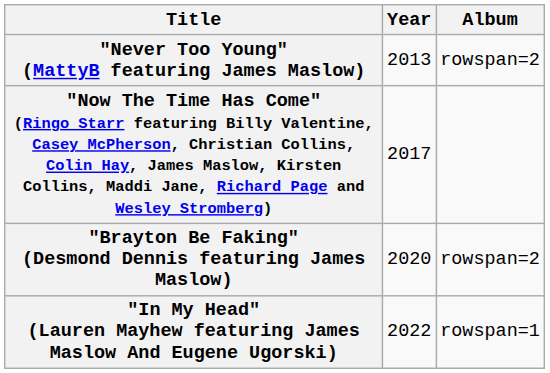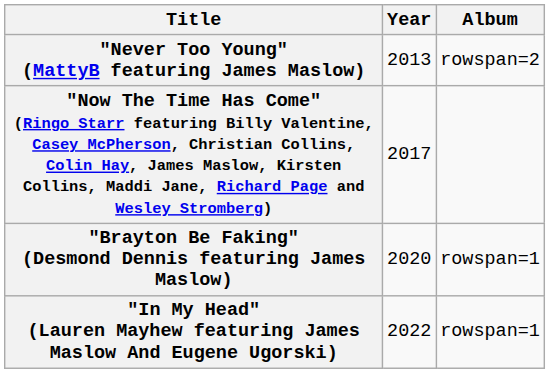 <table class="wikitable plainrowheaders" style="text-align:center">
 <tr>
 <th scope="col" style="width:20em;">Title</th>
 <th scope="col">Year</th>
 <th scope="col">Album</th>
 </tr>
 <tr>
 <th scope="row">"Never Too Young"<br><span>(<a href='#'>MattyB</a> featuring James Maslow)</span></th>
 <td>2013</td>
 <td>rowspan=2 </td>
 </tr>
 <tr>
 <th scope="row">"Now The Time Has Come"<br><small>(<a href='#'>Ringo Starr</a> featuring Billy Valentine, <a href='#'>Casey McPherson</a>, Christian Collins, <a href='#'>Colin Hay</a>, James Maslow, Kirsten Collins, Maddi Jane, <a href='#'>Richard Page</a> and <a href='#'>Wesley Stromberg</a>)</small></th>
 <td>2017</td>
 </tr>
 <tr>
 <th scope="row">"Brayton Be Faking"<br><span>(Desmond Dennis featuring James Maslow)</span></th>
 <td>2020</td>
-<td>rowspan=2 </td>
+<td>rowspan=1 </td>
 </tr>
 <tr>
 <th scope="row">"In My Head"<br><span>(Lauren Mayhew featuring James Maslow And Eugene Ugorski)</span></th>
 <td>2022</td>
 <td>rowspan=1 </td>
 </tr>
 </table>
